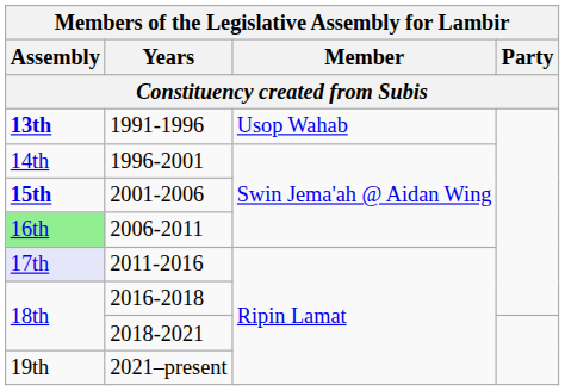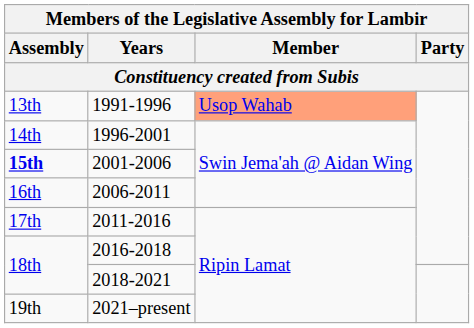 <table class=wikitable>
 <tr>
 <th colspan="4">Members of the Legislative Assembly for Lambir</th>
 </tr>
 <tr>
 <th>Assembly</th>
 <th>Years</th>
 <th>Member</th>
 <th>Party</th>
 </tr>
 <tr>
 <th colspan=4 align=center><em>Constituency created from Subis</em></th>
 </tr>
 <tr>
-<td><strong><a href='#'>13th</a></strong></td>
+<td><a href='#'>13th</a></td>
 <td>1991-1996</td>
-<td><a href='#'>Usop Wahab</a></td>
+<td style="background: lightsalmon;"><a href='#'>Usop Wahab</a></td>
 <td rowspan=6></td>
 </tr>
 <tr>
 <td><a href='#'>14th</a></td>
 <td>1996-2001</td>
 <td rowspan=3><a href='#'>Swin Jema'ah @ Aidan Wing</a></td>
 </tr>
 <tr>
 <td><strong><a href='#'>15th</a></strong></td>
 <td>2001-2006</td>
 </tr>
 <tr>
-<td style="background: lightgreen;"><a href='#'>16th</a></td>
+<td><a href='#'>16th</a></td>
 <td>2006-2011</td>
 </tr>
 <tr>
-<td style="background: lavender;"><a href='#'>17th</a></td>
+<td><a href='#'>17th</a></td>
 <td>2011-2016</td>
 <td rowspan="4"><a href='#'>Ripin Lamat</a></td>
 </tr>
 <tr>
 <td rowspan="2"><a href='#'>18th</a></td>
 <td>2016-2018</td>
 </tr>
 <tr>
 <td>2018-2021</td>
 <td rowspan="2"></td>
 </tr>
 <tr>
 <td>19th</td>
 <td>2021–present</td>
 </tr>
 </table>
